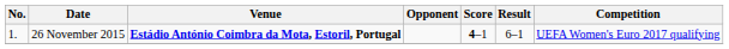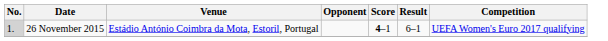 <table class="wikitable">
 <tr>
 <th>No.</th>
 <th>Date</th>
 <th>Venue</th>
 <th>Opponent</th>
 <th>Score</th>
 <th>Result</th>
 <th>Competition</th>
 </tr>
 <tr>
-<td>1.</td>
+<td style="background: lightgrey;">1.</td>
 <td>26 November 2015</td>
-<td><strong><a href='#'>Estádio António Coimbra da Mota</a>, <a href='#'>Estoril</a>, Portugal</strong></td>
+<td><a href='#'>Estádio António Coimbra da Mota</a>, <a href='#'>Estoril</a>, Portugal</td>
 <td></td>
 <td align=center><strong>4</strong>–1</td>
 <td align=center>6–1</td>
 <td><a href='#'>UEFA Women's Euro 2017 qualifying</a></td>
 </tr>
 <tr>
 </tr>
 </table>
